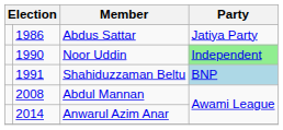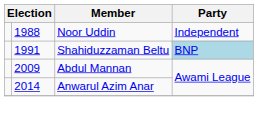 <table class="wikitable">
 <tr>
 <th colspan="2">Election</th>
 <th>Member</th>
 <th>Party</th>
 </tr>
 <tr>
 <td style="background-color:"></td>
-<td><a href='#'>1986</a></td>
-<td><a href='#'>Abdus Sattar</a></td>
-<td><a href='#'>Jatiya Party</a></td>
-</tr>
-<tr>
-<td style="background-color:"></td>
-<td><a href='#'>1990</a></td>
+<td><a href='#'>1988</a></td>
 <td><a href='#'>Noor Uddin</a></td>
-<td style="background: lightgreen;"><a href='#'>Independent</a></td>
+<td><a href='#'>Independent</a></td>
 </tr>
 <tr>
 <td style="background-color:"></td>
 <td><a href='#'>1991</a></td>
 <td><a href='#'>Shahiduzzaman Beltu</a></td>
 <td style="background: lightblue;"><a href='#'>BNP</a></td>
 </tr>
 <tr>
 <td style="background-color:"></td>
-<td><a href='#'>2008</a></td>
+<td><a href='#'>2009</a></td>
 <td><a href='#'>Abdul Mannan</a></td>
 <td rowspan="2"><a href='#'>Awami League</a></td>
 </tr>
 <tr>
 <td style="background-color:"></td>
 <td><a href='#'>2014</a></td>
 <td><a href='#'>Anwarul Azim Anar</a></td>
 </tr>
 <tr>
 </tr>
 </table>
